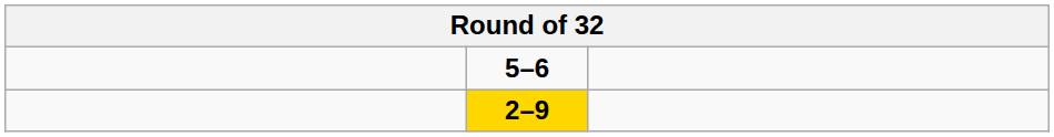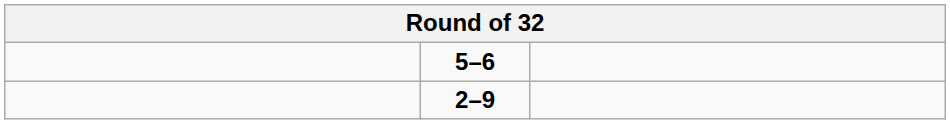 <table class="wikitable" style="text-align: center;">
 <tr>
 <th colspan=3>Round of 32</th>
 </tr>
 <tr>
 <td align=left width="270"></td>
 <td align=center width="65"><strong>5–6</strong></td>
 <td align=left width="270"><strong></strong></td>
 </tr>
 <tr>
 <td align=left></td>
-<td align=center style="background: gold;"><strong>2–9</strong></td>
+<td align=center><strong>2–9</strong></td>
 <td align=left><strong></strong></td>
 </tr>
 </table>
